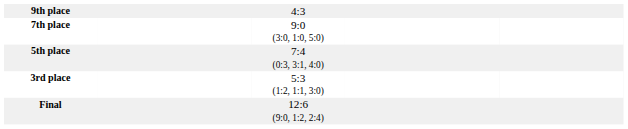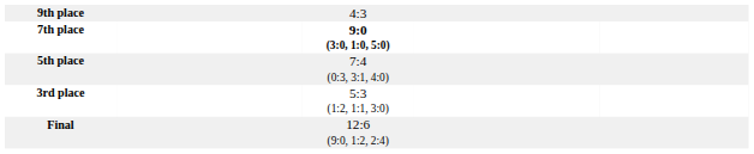 <table style="width: 70%; background: #F0F0F0;" cellspacing="0">
 <tr valign="top">
 <td align="center" width="15%" style="font-size:90%;"><strong>9th place</strong></td>
 <td width="25%" align="right"></td>
 <td width="15%" align="center">4:3</td>
 <td width="25%" align="left"></td>
 <td style="font-size:85%;"></td>
 </tr>
 <tr style="background: #FFFFFF;" valign="top">
 <td align="center" width="15%" style="font-size:90%;"><strong>7th place</strong></td>
 <td width="25%" align="right"></td>
-<td width="15%" align="center">9:0<br><small>(3:0, 1:0, 5:0)</small></td>
+<td width="15%" align="center"><strong>9:0<br><small>(3:0, 1:0, 5:0)</small></strong></td>
 <td width="25%" align="left"></td>
 <td style="font-size:85%;"></td>
 </tr>
 <tr valign="top">
 <td align="center" style="font-size:90%;"><strong>5th place</strong></td>
 <td align="right"></td>
 <td align="center">7:4<br><small>(0:3, 3:1, 4:0)</small></td>
 <td align="left"></td>
 <td style="font-size:85%;"></td>
 </tr>
 <tr style="background: #FFFFFF;" valign="top">
 <td align="center" width="15%" style="font-size:90%;"><strong>3rd place</strong></td>
 <td align="right"></td>
 <td align="center">5:3<br><small>(1:2, 1:1, 3:0)</small></td>
 <td align="left"></td>
 <td style="font-size:85%;"></td>
 </tr>
 <tr valign="top">
 <td align="center" style="font-size:90%;"><strong>Final</strong></td>
 <td align="right"></td>
 <td align="center">12:6<br><small>(9:0, 1:2, 2:4)</small></td>
 <td align="left"></td>
 <td style="font-size:85%;"></td>
 </tr>
 </table>
